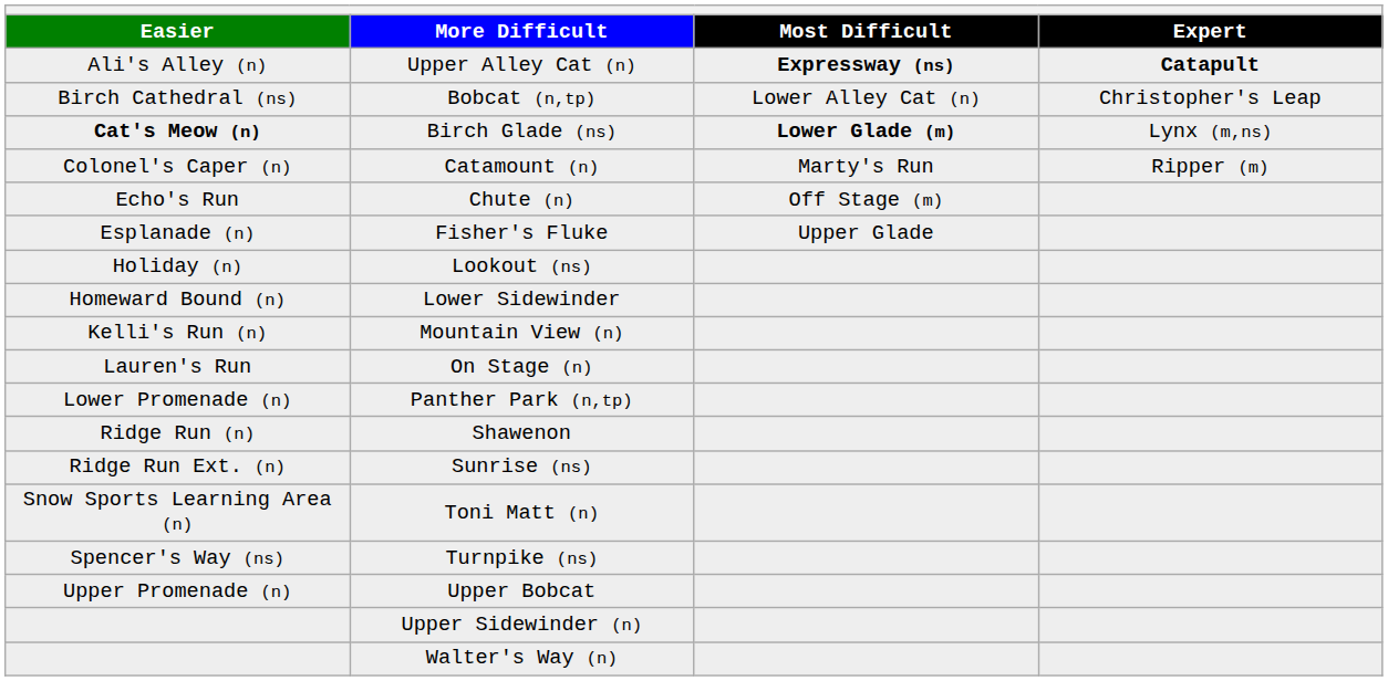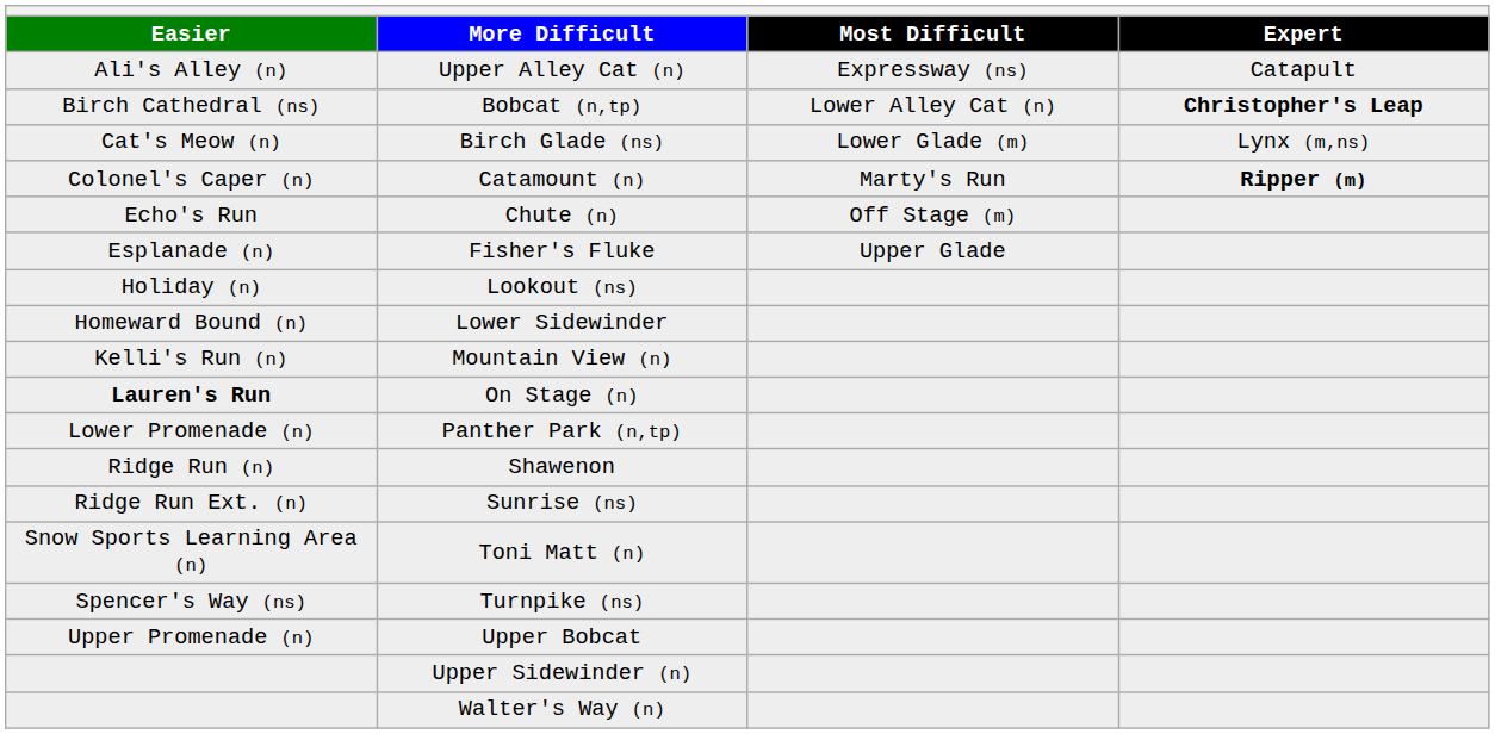 <table class="wikitable" style="text-align:center">
 <tr>
 <th colspan=5></th>
 </tr>
 <tr>
 <th width=25% style="background:green; color:white;">Easier</th>
 <th width=25% style="background:blue; color:white;">More Difficult</th>
 <th width=25% style="background:black; color:white;">Most Difficult</th>
 <th width=25% style="background:black; color:white;">Expert</th>
 </tr>
 <tr style="background:#eeeeee">
 <td>Ali's Alley <small>(n)</small></td>
 <td>Upper Alley Cat <small>(n)</small></td>
-<td><strong>Expressway <small>(ns)</small></strong></td>
-<td><strong>Catapult</strong></td>
+<td>Expressway <small>(ns)</small></td>
+<td>Catapult</td>
 </tr>
 <tr style="background:#eeeeee">
 <td>Birch Cathedral <small>(ns)</small></td>
 <td>Bobcat <small>(n,tp)</small></td>
 <td>Lower Alley Cat <small>(n)</small></td>
-<td>Christopher's Leap</td>
+<td><strong>Christopher's Leap</strong></td>
 </tr>
 <tr style="background:#eeeeee">
-<td><strong>Cat's Meow <small>(n)</small></strong></td>
+<td>Cat's Meow <small>(n)</small></td>
 <td>Birch Glade <small>(ns)</small></td>
-<td><strong>Lower Glade <small>(m)</small></strong></td>
+<td>Lower Glade <small>(m)</small></td>
 <td>Lynx <small>(m,ns)</small></td>
 </tr>
 <tr style="background:#eeeeee">
 <td>Colonel's Caper <small>(n)</small></td>
 <td>Catamount <small>(n)</small></td>
 <td>Marty's Run</td>
-<td>Ripper <small>(m)</small></td>
+<td><strong>Ripper <small>(m)</small></strong></td>
 </tr>
 <tr style="background:#eeeeee">
 <td>Echo's Run</td>
 <td>Chute <small>(n)</small></td>
 <td>Off Stage <small>(m)</small></td>
 <td></td>
 </tr>
 <tr style="background:#eeeeee">
 <td>Esplanade <small>(n)</small></td>
 <td>Fisher's Fluke</td>
 <td>Upper Glade</td>
 <td></td>
 </tr>
 <tr style="background:#eeeeee">
 <td>Holiday <small>(n)</small></td>
 <td>Lookout <small>(ns)</small></td>
 <td></td>
 <td></td>
 </tr>
 <tr style="background:#eeeeee">
 <td>Homeward Bound <small>(n)</small></td>
 <td>Lower Sidewinder</td>
 <td></td>
 <td></td>
 </tr>
 <tr style="background:#eeeeee">
 <td>Kelli's Run <small>(n)</small></td>
 <td>Mountain View <small>(n)</small></td>
 <td></td>
 <td></td>
 </tr>
 <tr style="background:#eeeeee">
-<td>Lauren's Run</td>
+<td><strong>Lauren's Run</strong></td>
 <td>On Stage <small>(n)</small></td>
 <td></td>
 <td></td>
 </tr>
 <tr style="background:#eeeeee">
 <td>Lower Promenade <small>(n)</small></td>
 <td>Panther Park <small>(n,tp)</small></td>
 <td></td>
 <td></td>
 </tr>
 <tr style="background:#eeeeee">
 <td>Ridge Run <small>(n)</small></td>
 <td>Shawenon</td>
 <td></td>
 <td></td>
 </tr>
 <tr style="background:#eeeeee">
 <td>Ridge Run Ext. <small>(n)</small></td>
 <td>Sunrise <small>(ns)</small></td>
 <td></td>
 <td></td>
 </tr>
 <tr style="background:#eeeeee">
 <td>Snow Sports Learning Area <small>(n)</small></td>
 <td>Toni Matt <small>(n)</small></td>
 <td></td>
 <td></td>
 </tr>
 <tr style="background:#eeeeee">
 <td>Spencer's Way <small>(ns)</small></td>
 <td>Turnpike <small>(ns)</small></td>
 <td></td>
 <td></td>
 </tr>
 <tr style="background:#eeeeee">
 <td>Upper Promenade <small>(n)</small></td>
 <td>Upper Bobcat</td>
 <td></td>
 <td></td>
 </tr>
 <tr style="background:#eeeeee">
 <td></td>
 <td>Upper Sidewinder <small>(n)</small></td>
 <td></td>
 <td></td>
 </tr>
 <tr style="background:#eeeeee">
 <td></td>
 <td>Walter's Way <small>(n)</small></td>
 <td></td>
 <td></td>
 </tr>
 </table>
